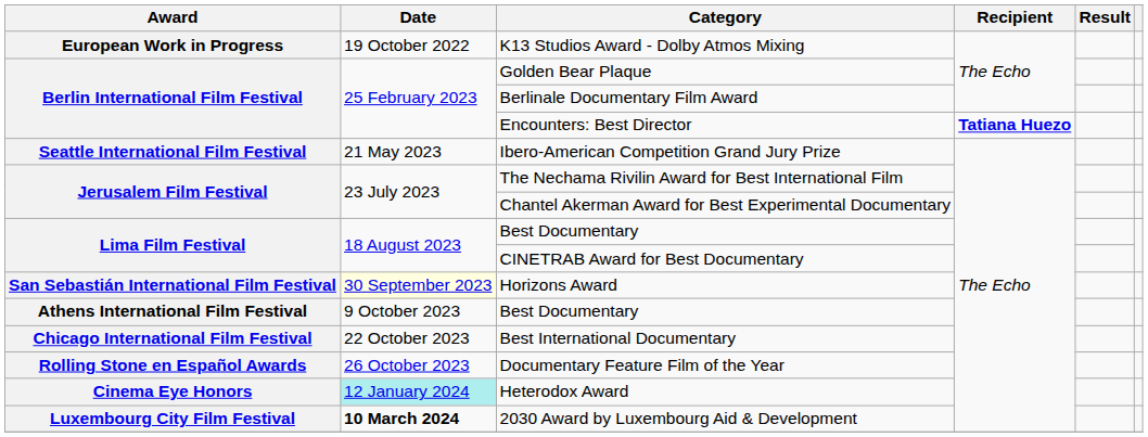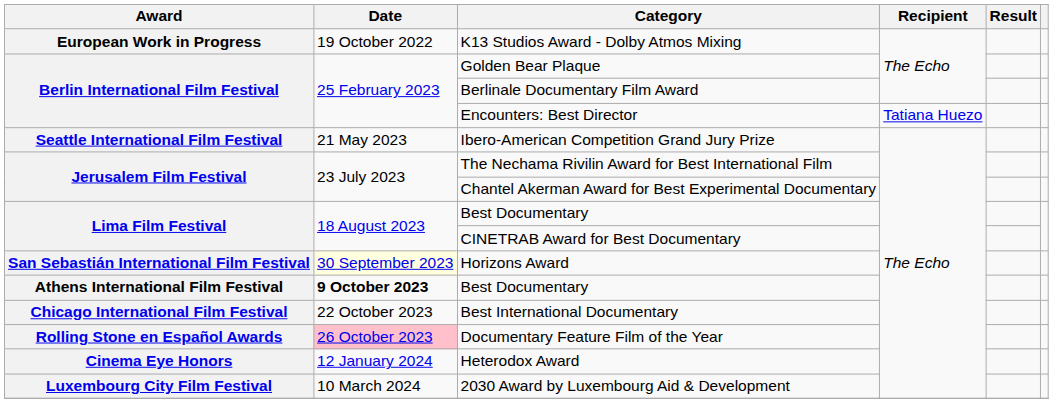 <table class="wikitable sortable plainrowheaders">
 <tr>
 <th>Award</th>
 <th>Date</th>
 <th>Category</th>
 <th>Recipient</th>
 <th>Result</th>
 <th></th>
 </tr>
 <tr>
 <th scope="row">European Work in Progress</th>
 <td>19 October 2022</td>
 <td>K13 Studios Award - Dolby Atmos Mixing</td>
 <td rowspan=3><em>The Echo</em></td>
 <td></td>
 <td align="center" rowspan="1"></td>
 </tr>
 <tr>
 <th scope="row" rowspan="3"><a href='#'>Berlin International Film Festival</a></th>
 <td rowspan="3"><a href='#'>25 February 2023</a></td>
 <td>Golden Bear Plaque</td>
 <td></td>
 <td align="center" rowspan="1"></td>
 </tr>
 <tr>
 <td>Berlinale Documentary Film Award</td>
 <td></td>
 <td align="center"></td>
 </tr>
 <tr>
 <td>Encounters: Best Director</td>
-<td><strong><a href='#'>Tatiana Huezo</a></strong></td>
+<td><a href='#'>Tatiana Huezo</a></td>
 <td></td>
 <td align="center"></td>
 </tr>
 <tr>
 <th scope="row"><a href='#'>Seattle International Film Festival</a></th>
 <td>21 May 2023</td>
 <td>Ibero-American Competition Grand Jury Prize</td>
 <td rowspan="11"><em>The Echo</em></td>
 <td></td>
 <td align="center"></td>
 </tr>
 <tr>
 <th scope="row" rowspan="2"><a href='#'>Jerusalem Film Festival</a></th>
 <td rowspan="2">23 July 2023</td>
 <td>The Nechama Rivilin Award for Best International Film</td>
 <td></td>
 <td align="center"></td>
 </tr>
 <tr>
 <td>Chantel Akerman Award for Best Experimental Documentary</td>
 <td></td>
 <td align="center"></td>
 </tr>
 <tr>
 <th rowspan="2" scope="row"><a href='#'>Lima Film Festival</a></th>
 <td rowspan="2"><a href='#'>18 August 2023</a></td>
 <td>Best Documentary</td>
 <td></td>
 <td rowspan="2" align="center"></td>
 </tr>
 <tr>
 <td>CINETRAB Award for Best Documentary</td>
 <td></td>
 </tr>
 <tr>
 <th scope="row"><a href='#'>San Sebastián International Film Festival</a></th>
 <td style="background: lightyellow;"><a href='#'>30 September 2023</a></td>
 <td>Horizons Award</td>
 <td></td>
 <td align="center"></td>
 </tr>
 <tr>
 <th scope="row">Athens International Film Festival</th>
-<td>9 October 2023</td>
+<td><strong>9 October 2023</strong></td>
 <td>Best Documentary</td>
 <td></td>
 <td align="center"></td>
 </tr>
 <tr>
 <th scope="row"><a href='#'>Chicago International Film Festival</a></th>
 <td>22 October 2023</td>
 <td>Best International Documentary</td>
 <td></td>
 <td align="center"></td>
 </tr>
 <tr>
 <th scope="row"><a href='#'>Rolling Stone en Español Awards</a></th>
-<td><a href='#'>26 October 2023</a></td>
+<td style="background: pink;"><a href='#'>26 October 2023</a></td>
 <td>Documentary Feature Film of the Year</td>
 <td></td>
 <td align="center"></td>
 </tr>
 <tr>
 <th scope="row"><a href='#'>Cinema Eye Honors</a></th>
-<td style="background: paleturquoise;"><a href='#'>12 January 2024</a></td>
+<td><a href='#'>12 January 2024</a></td>
 <td>Heterodox Award</td>
 <td></td>
 <td align="center"></td>
 </tr>
 <tr>
 <th scope="row"><a href='#'>Luxembourg City Film Festival</a></th>
-<td><strong>10 March 2024</strong></td>
+<td>10 March 2024</td>
 <td>2030 Award by Luxembourg Aid & Development</td>
 <td></td>
 <td align="center"></td>
 </tr>
 <tr>
 </tr>
 </table>
